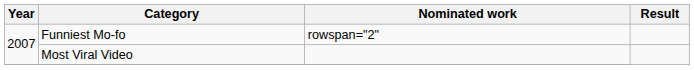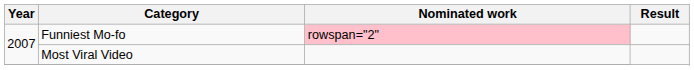 <table class=wikitable>
 <tr>
 <th scope="col" style="width:1em;">Year</th>
 <th scope="col" style="width:32em;">Category</th>
 <th scope="col" style="width:39em;">Nominated work</th>
 <th scope="col" style="width:5em;">Result</th>
 </tr>
 <tr>
 <td rowspan="2">2007</td>
 <td>Funniest Mo-fo</td>
-<td>rowspan="2" </td>
+<td style="background: pink;">rowspan="2" </td>
 <td></td>
 </tr>
 <tr>
 <td>Most Viral Video</td>
 <td></td>
 </tr>
 <tr>
 </tr>
 </table>
